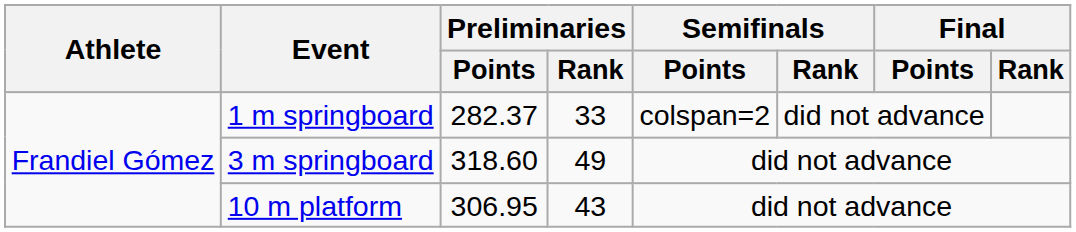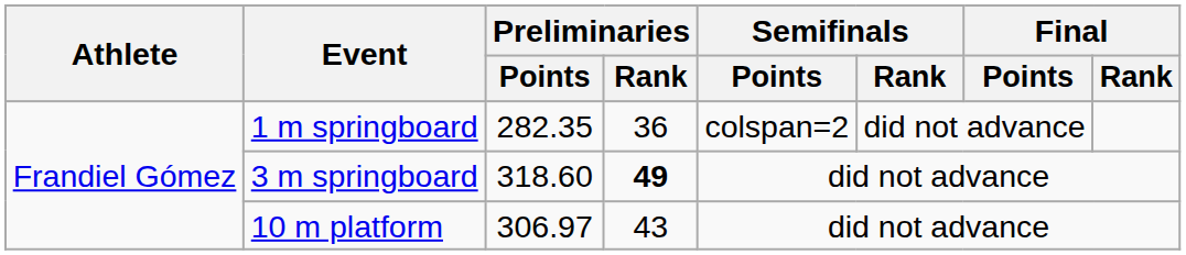 <table class=wikitable style="font-size:90%;">
 <tr>
 <th rowspan="2">Athlete</th>
 <th rowspan="2">Event</th>
 <th colspan="2">Preliminaries</th>
 <th colspan="2">Semifinals</th>
 <th colspan="2">Final</th>
 </tr>
 <tr style="font-size:95%">
 <th>Points</th>
 <th>Rank</th>
 <th>Points</th>
 <th>Rank</th>
 <th>Points</th>
 <th>Rank</th>
 </tr>
 <tr align=center>
 <td align=left rowspan=3><a href='#'>Frandiel Gómez</a></td>
 <td align=left><a href='#'>1 m springboard</a></td>
-<td>282.37</td>
-<td>33</td>
+<td>282.35</td>
+<td>36</td>
 <td>colspan=2 </td>
 <td colspan=2>did not advance</td>
 </tr>
 <tr align=center>
 <td align=left><a href='#'>3 m springboard</a></td>
 <td>318.60</td>
-<td>49</td>
+<td><strong>49</strong></td>
 <td colspan=4>did not advance</td>
 </tr>
 <tr align=center>
 <td align=left><a href='#'>10 m platform</a></td>
-<td>306.95</td>
+<td>306.97</td>
 <td>43</td>
 <td colspan=4>did not advance</td>
 </tr>
 </table>
